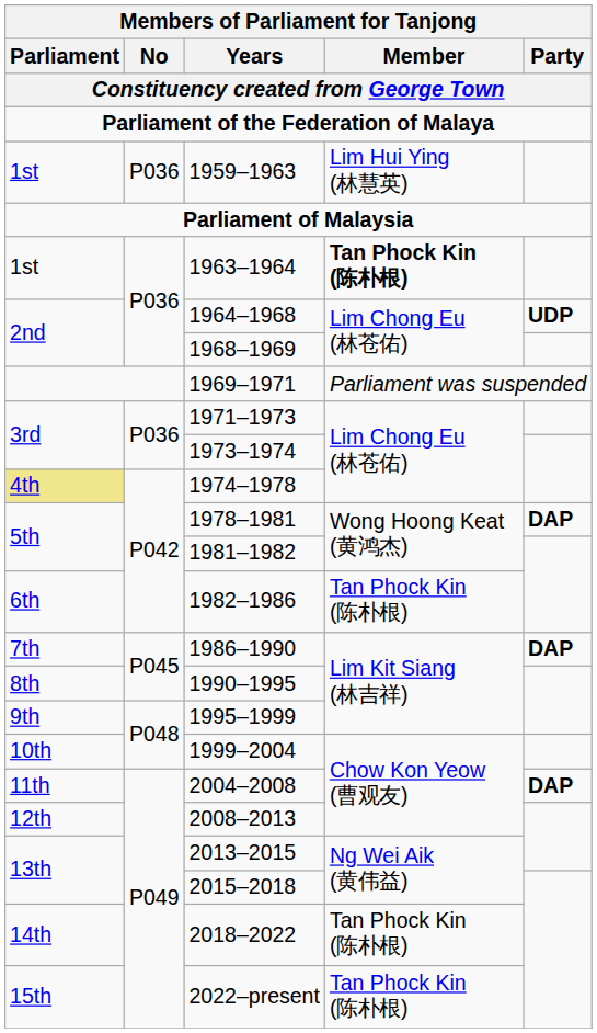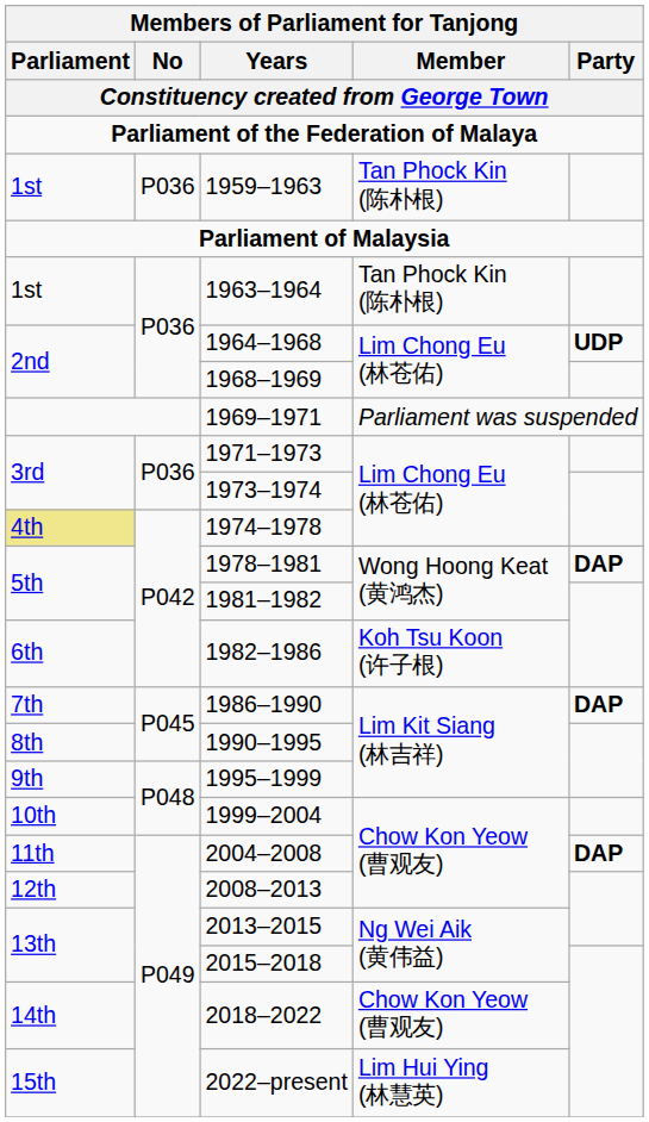 <table class=wikitable>
 <tr>
 <th colspan="5">Members of Parliament for Tanjong</th>
 </tr>
 <tr>
 <th>Parliament</th>
 <th>No</th>
 <th>Years</th>
 <th>Member</th>
 <th>Party</th>
 </tr>
 <tr>
 <th colspan="5" align="center"><em>Constituency created from <a href='#'>George Town</a></em></th>
 </tr>
 <tr>
 <td colspan="5" align="center"><strong>Parliament of the Federation of Malaya</strong></td>
 </tr>
 <tr>
 <td><a href='#'>1st</a></td>
 <td>P036</td>
 <td>1959–1963</td>
-<td><a href='#'>Lim Hui Ying</a> <br> (林慧英)</td>
+<td><a href='#'>Tan Phock Kin</a> <br> (陈朴根)</td>
 <td></td>
 </tr>
 <tr>
 <td colspan="5" align="center"><strong>Parliament of Malaysia</strong></td>
 </tr>
 <tr>
 <td>1st</td>
 <td rowspan="3">P036</td>
 <td>1963–1964</td>
-<td><strong>Tan Phock Kin <br> (陈朴根)</strong></td>
+<td>Tan Phock Kin <br> (陈朴根)</td>
 <td></td>
 </tr>
 <tr>
 <td rowspan=2><a href='#'>2nd</a></td>
 <td>1964–1968</td>
 <td rowspan=2><a href='#'>Lim Chong Eu</a> <br> (林苍佑)</td>
 <td><strong>UDP</strong></td>
 </tr>
 <tr>
 <td>1968–1969</td>
 <td></td>
 </tr>
 <tr>
 <td colspan="2"></td>
 <td>1969–1971</td>
 <td colspan=2 align=center><em>Parliament was suspended</em></td>
 </tr>
 <tr>
 <td rowspan=2><a href='#'>3rd</a></td>
 <td rowspan="2">P036</td>
 <td>1971–1973</td>
 <td rowspan=3><a href='#'>Lim Chong Eu</a><br> (林苍佑)</td>
 <td></td>
 </tr>
 <tr>
 <td>1973–1974</td>
 <td rowspan=2></td>
 </tr>
 <tr>
 <td style="background: khaki;"><a href='#'>4th</a></td>
 <td rowspan="4">P042</td>
 <td>1974–1978</td>
 </tr>
 <tr>
 <td rowspan=2><a href='#'>5th</a></td>
 <td>1978–1981</td>
 <td rowspan=2>Wong Hoong Keat <br> (黄鸿杰)</td>
 <td><strong>DAP</strong></td>
 </tr>
 <tr>
 <td>1981–1982</td>
 <td rowspan=2></td>
 </tr>
 <tr>
 <td><a href='#'>6th</a></td>
 <td>1982–1986</td>
-<td><a href='#'>Tan Phock Kin</a> <br> (陈朴根)</td>
+<td><a href='#'>Koh Tsu Koon</a> <br> (许子根)</td>
 </tr>
 <tr>
 <td><a href='#'>7th</a></td>
 <td rowspan="2">P045</td>
 <td>1986–1990</td>
 <td rowspan=3><a href='#'>Lim Kit Siang</a> <br> (林吉祥)</td>
 <td><strong>DAP</strong></td>
 </tr>
 <tr>
 <td><a href='#'>8th</a></td>
 <td>1990–1995</td>
 <td rowspan=2 bgcolor=></td>
 </tr>
 <tr>
 <td><a href='#'>9th</a></td>
 <td rowspan="2">P048</td>
 <td>1995–1999</td>
 </tr>
 <tr>
 <td><a href='#'>10th</a></td>
 <td>1999–2004</td>
 <td rowspan=3><a href='#'>Chow Kon Yeow</a> <br> (曹观友)</td>
 <td rowspan=1></td>
 </tr>
 <tr>
 <td><a href='#'>11th</a></td>
 <td rowspan=6>P049</td>
 <td>2004–2008</td>
 <td rowspan="1"><strong>DAP</strong></td>
 </tr>
 <tr>
 <td><a href='#'>12th</a></td>
 <td>2008–2013</td>
 <td rowspan=2></td>
 </tr>
 <tr>
 <td rowspan=2><a href='#'>13th</a></td>
 <td>2013–2015</td>
 <td rowspan=2><a href='#'>Ng Wei Aik</a> <br> (黄伟益)</td>
 </tr>
 <tr>
 <td>2015–2018</td>
 <td rowspan=3></td>
 </tr>
 <tr>
 <td><a href='#'>14th</a></td>
 <td>2018–2022</td>
-<td>Tan Phock Kin <br> (陈朴根)</td>
+<td><a href='#'>Chow Kon Yeow</a> <br> (曹观友)</td>
 </tr>
 <tr>
 <td><a href='#'>15th</a></td>
 <td>2022–present</td>
-<td><a href='#'>Tan Phock Kin</a> <br> (陈朴根)</td>
+<td><a href='#'>Lim Hui Ying</a> <br> (林慧英)</td>
 </tr>
 </table>
